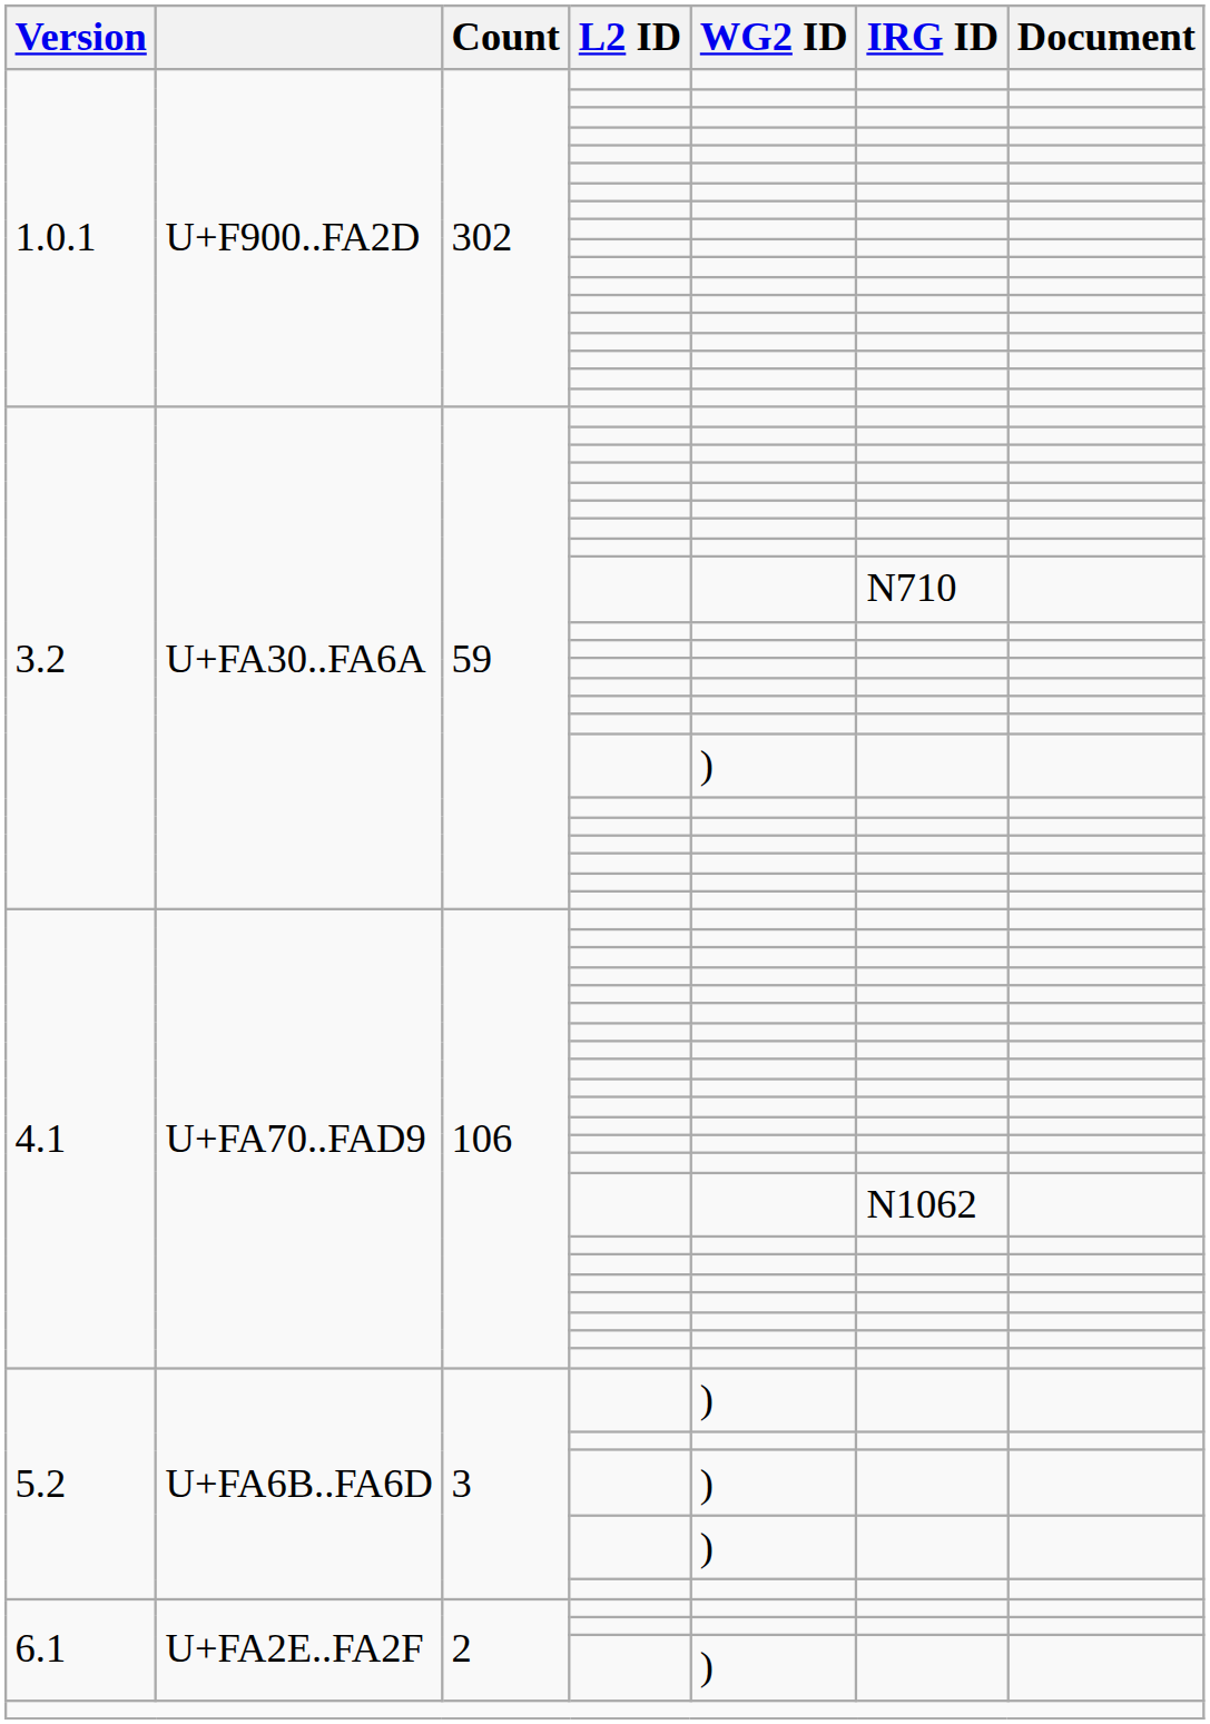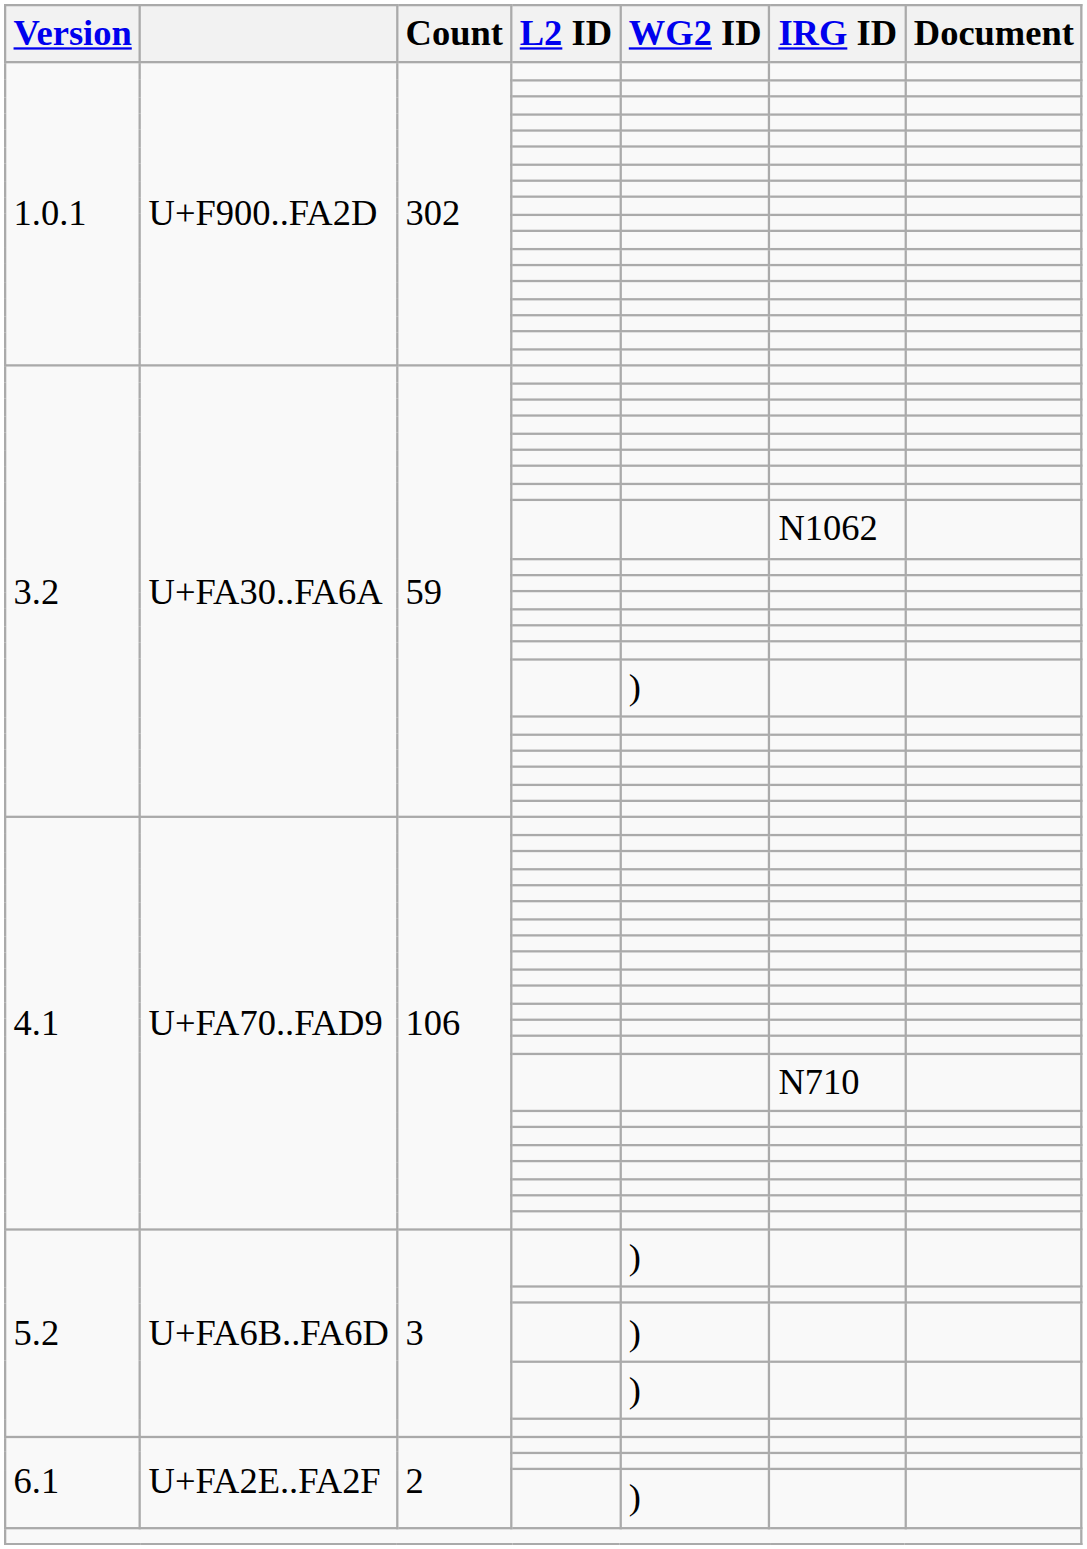 <table class="wikitable collapsible sticky-header">
 <tr>
 <th><a href='#'>Version</a></th>
 <th></th>
 <th>Count</th>
 <th><a href='#'>L2</a> ID</th>
 <th><a href='#'>WG2</a> ID</th>
 <th><a href='#'>IRG</a> ID</th>
 <th>Document</th>
 </tr>
 <tr>
 <td rowspan="18">1.0.1</td>
 <td rowspan="18">U+F900..FA2D</td>
 <td rowspan="18">302</td>
 <td></td>
 <td></td>
 <td></td>
 <td></td>
 </tr>
 <tr>
 <td></td>
 <td></td>
 <td></td>
 <td></td>
 </tr>
 <tr>
 <td></td>
 <td></td>
 <td></td>
 <td></td>
 </tr>
 <tr>
 <td></td>
 <td></td>
 <td></td>
 <td></td>
 </tr>
 <tr>
 <td></td>
 <td></td>
 <td></td>
 <td></td>
 </tr>
 <tr>
 <td></td>
 <td></td>
 <td></td>
 <td></td>
 </tr>
 <tr>
 <td></td>
 <td></td>
 <td></td>
 <td></td>
 </tr>
 <tr>
 <td></td>
 <td></td>
 <td></td>
 <td></td>
 </tr>
 <tr>
 <td></td>
 <td></td>
 <td></td>
 <td></td>
 </tr>
 <tr>
 <td></td>
 <td></td>
 <td></td>
 <td></td>
 </tr>
 <tr>
 <td></td>
 <td></td>
 <td></td>
 <td></td>
 </tr>
 <tr>
 <td></td>
 <td></td>
 <td></td>
 <td></td>
 </tr>
 <tr>
 <td></td>
 <td></td>
 <td></td>
 <td></td>
 </tr>
 <tr>
 <td></td>
 <td></td>
 <td></td>
 <td></td>
 </tr>
 <tr>
 <td></td>
 <td></td>
 <td></td>
 <td></td>
 </tr>
 <tr>
 <td></td>
 <td></td>
 <td></td>
 <td></td>
 </tr>
 <tr>
 <td></td>
 <td></td>
 <td></td>
 <td></td>
 </tr>
 <tr>
 <td></td>
 <td></td>
 <td></td>
 <td></td>
 </tr>
 <tr>
 <td rowspan="22">3.2</td>
 <td rowspan="22">U+FA30..FA6A</td>
 <td rowspan="22">59</td>
 <td></td>
 <td></td>
 <td></td>
 <td></td>
 </tr>
 <tr>
 <td></td>
 <td></td>
 <td></td>
 <td></td>
 </tr>
 <tr>
 <td></td>
 <td></td>
 <td></td>
 <td></td>
 </tr>
 <tr>
 <td></td>
 <td></td>
 <td></td>
 <td></td>
 </tr>
 <tr>
 <td></td>
 <td></td>
 <td></td>
 <td></td>
 </tr>
 <tr>
 <td></td>
 <td></td>
 <td></td>
 <td></td>
 </tr>
 <tr>
 <td></td>
 <td></td>
 <td></td>
 <td></td>
 </tr>
 <tr>
 <td></td>
 <td></td>
 <td></td>
 <td></td>
 </tr>
 <tr>
 <td></td>
 <td></td>
-<td>N710</td>
+<td>N1062</td>
 <td></td>
 </tr>
 <tr>
 <td></td>
 <td></td>
 <td></td>
 <td></td>
 </tr>
 <tr>
 <td></td>
 <td></td>
 <td></td>
 <td></td>
 </tr>
 <tr>
 <td></td>
 <td></td>
 <td></td>
 <td></td>
 </tr>
 <tr>
 <td></td>
 <td></td>
 <td></td>
 <td></td>
 </tr>
 <tr>
 <td></td>
 <td></td>
 <td></td>
 <td></td>
 </tr>
 <tr>
 <td></td>
 <td></td>
 <td></td>
 <td></td>
 </tr>
 <tr>
 <td></td>
 <td> )</td>
 <td></td>
 <td></td>
 </tr>
 <tr>
 <td></td>
 <td></td>
 <td></td>
 <td></td>
 </tr>
 <tr>
 <td></td>
 <td></td>
 <td></td>
 <td></td>
 </tr>
 <tr>
 <td></td>
 <td></td>
 <td></td>
 <td></td>
 </tr>
 <tr>
 <td></td>
 <td></td>
 <td></td>
 <td></td>
 </tr>
 <tr>
 <td></td>
 <td></td>
 <td></td>
 <td></td>
 </tr>
 <tr>
 <td></td>
 <td></td>
 <td></td>
 <td></td>
 </tr>
 <tr>
 <td rowspan="22">4.1</td>
 <td rowspan="22">U+FA70..FAD9</td>
 <td rowspan="22">106</td>
 <td></td>
 <td></td>
 <td></td>
 <td></td>
 </tr>
 <tr>
 <td></td>
 <td></td>
 <td></td>
 <td></td>
 </tr>
 <tr>
 <td></td>
 <td></td>
 <td></td>
 <td></td>
 </tr>
 <tr>
 <td></td>
 <td></td>
 <td></td>
 <td></td>
 </tr>
 <tr>
 <td></td>
 <td></td>
 <td></td>
 <td></td>
 </tr>
 <tr>
 <td></td>
 <td></td>
 <td></td>
 <td></td>
 </tr>
 <tr>
 <td></td>
 <td></td>
 <td></td>
 <td></td>
 </tr>
 <tr>
 <td></td>
 <td></td>
 <td></td>
 <td></td>
 </tr>
 <tr>
 <td></td>
 <td></td>
 <td></td>
 <td></td>
 </tr>
 <tr>
 <td></td>
 <td></td>
 <td></td>
 <td></td>
 </tr>
 <tr>
 <td></td>
 <td></td>
 <td></td>
 <td></td>
 </tr>
 <tr>
 <td></td>
 <td></td>
 <td></td>
 <td></td>
 </tr>
 <tr>
 <td></td>
 <td></td>
 <td></td>
 <td></td>
 </tr>
 <tr>
 <td></td>
 <td></td>
 <td></td>
 <td></td>
 </tr>
 <tr>
 <td></td>
 <td></td>
-<td>N1062</td>
+<td>N710</td>
 <td></td>
 </tr>
 <tr>
 <td></td>
 <td></td>
 <td></td>
 <td></td>
 </tr>
 <tr>
 <td></td>
 <td></td>
 <td></td>
 <td></td>
 </tr>
 <tr>
 <td></td>
 <td></td>
 <td></td>
 <td></td>
 </tr>
 <tr>
 <td></td>
 <td></td>
 <td></td>
 <td></td>
 </tr>
 <tr>
 <td></td>
 <td></td>
 <td></td>
 <td></td>
 </tr>
 <tr>
 <td></td>
 <td></td>
 <td></td>
 <td></td>
 </tr>
 <tr>
 <td></td>
 <td></td>
 <td></td>
 <td></td>
 </tr>
 <tr>
 <td rowspan="5">5.2</td>
 <td rowspan="5">U+FA6B..FA6D</td>
 <td rowspan="5">3</td>
 <td></td>
 <td> )</td>
 <td></td>
 <td></td>
 </tr>
 <tr>
 <td></td>
 <td></td>
 <td></td>
 <td></td>
 </tr>
 <tr>
 <td></td>
 <td> )</td>
 <td></td>
 <td></td>
 </tr>
 <tr>
 <td></td>
 <td> )</td>
 <td></td>
 <td></td>
 </tr>
 <tr>
 <td></td>
 <td></td>
 <td></td>
 <td></td>
 </tr>
 <tr>
 <td rowspan="3">6.1</td>
 <td rowspan="3">U+FA2E..FA2F</td>
 <td rowspan="3">2</td>
 <td></td>
 <td></td>
 <td></td>
 <td></td>
 </tr>
 <tr>
 <td></td>
 <td></td>
 <td></td>
 <td></td>
 </tr>
 <tr>
 <td></td>
 <td> )</td>
 <td></td>
 <td></td>
 </tr>
 <tr class="sortbottom">
 <td colspan="7"></td>
 </tr>
 </table>
